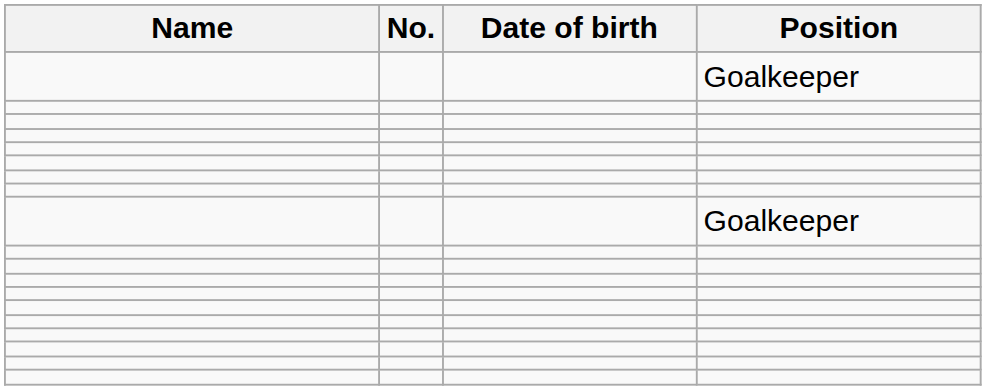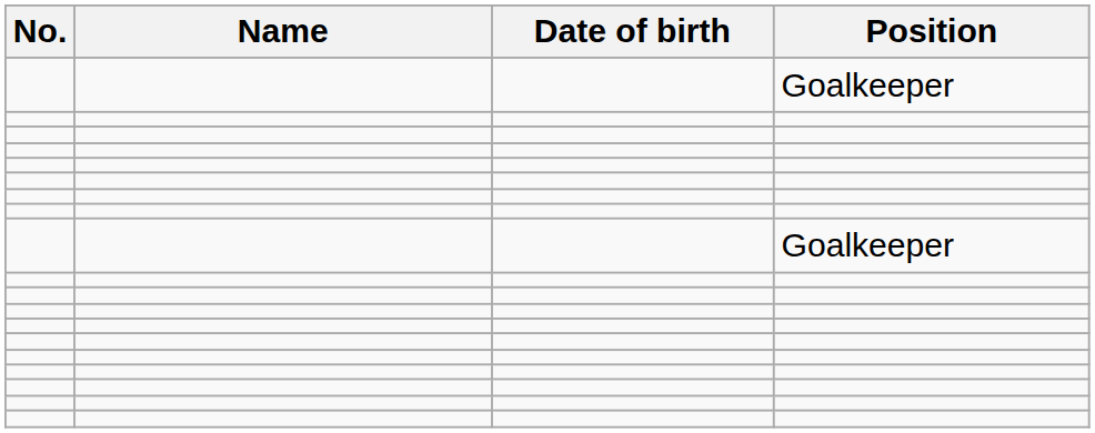 <table class="wikitable sortable" style=font-size:100%; text-align:center;>
 <tr>
+<th>No.</th>
 <th style=width:12em>Name</th>
-<th>No.</th>
 <th style=width:8em>Date of birth</th>
 <th style=width:9em>Position</th>
 </tr>
 <tr>
+<td></td>
 <td align=left></td>
-<td></td>
 <td align=right></td>
 <td>Goalkeeper</td>
 </tr>
 <tr>
+<td></td>
 <td align=left></td>
-<td></td>
 <td align=right></td>
 <td></td>
 </tr>
 <tr>
+<td></td>
 <td align=left></td>
-<td></td>
 <td align=right></td>
 <td></td>
 </tr>
 <tr>
+<td></td>
 <td align=left></td>
-<td></td>
 <td align=right></td>
 <td></td>
 </tr>
 <tr>
+<td></td>
 <td align=left></td>
-<td></td>
 <td align=right></td>
 <td></td>
 </tr>
 <tr>
+<td></td>
 <td align=left></td>
-<td></td>
 <td align=right></td>
 <td></td>
 </tr>
 <tr>
+<td></td>
 <td align=left></td>
-<td></td>
 <td align=right></td>
 <td></td>
 </tr>
 <tr>
+<td></td>
 <td align=left></td>
-<td></td>
 <td align=right></td>
 <td></td>
 </tr>
 <tr>
+<td></td>
 <td align=left></td>
-<td></td>
 <td align=right></td>
 <td>Goalkeeper</td>
 </tr>
 <tr>
+<td></td>
 <td align=left></td>
-<td></td>
 <td align=right></td>
 <td></td>
 </tr>
 <tr>
+<td></td>
 <td align=left></td>
-<td></td>
 <td align=right></td>
 <td></td>
 </tr>
 <tr>
+<td></td>
 <td align=left></td>
-<td></td>
 <td align=right></td>
 <td></td>
 </tr>
 <tr>
+<td></td>
 <td align=left></td>
-<td></td>
 <td align=right></td>
 <td></td>
 </tr>
 <tr>
+<td></td>
 <td align=left></td>
-<td></td>
 <td align=right></td>
 <td></td>
 </tr>
 <tr>
+<td></td>
 <td align=left></td>
-<td></td>
 <td align=right></td>
 <td></td>
 </tr>
 <tr>
+<td></td>
 <td align=left></td>
-<td></td>
 <td align=right></td>
 <td></td>
 </tr>
 <tr>
+<td></td>
 <td align=left></td>
-<td></td>
 <td align=right></td>
 <td></td>
 </tr>
 <tr>
+<td></td>
 <td align=left></td>
-<td></td>
 <td align=right></td>
 <td></td>
 </tr>
 <tr>
+<td></td>
 <td align=left></td>
-<td></td>
 <td align=right></td>
 <td></td>
 </tr>
 </table>
